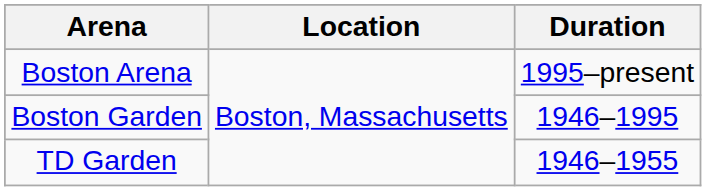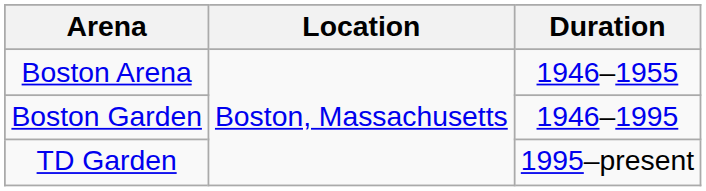 <table class="wikitable" style="text-align:center;">
 <tr>
 <th>Arena</th>
 <th>Location</th>
 <th>Duration</th>
 </tr>
 <tr>
 <td><a href='#'>Boston Arena</a></td>
 <td rowspan=3><a href='#'>Boston, Massachusetts</a></td>
-<td><a href='#'>1995</a>–present</td>
+<td><a href='#'>1946</a>–<a href='#'>1955</a></td>
 </tr>
 <tr>
 <td><a href='#'>Boston Garden</a></td>
 <td><a href='#'>1946</a>–<a href='#'>1995</a></td>
 </tr>
 <tr>
 <td><a href='#'>TD Garden</a></td>
-<td><a href='#'>1946</a>–<a href='#'>1955</a></td>
+<td><a href='#'>1995</a>–present</td>
 </tr>
 </table>
